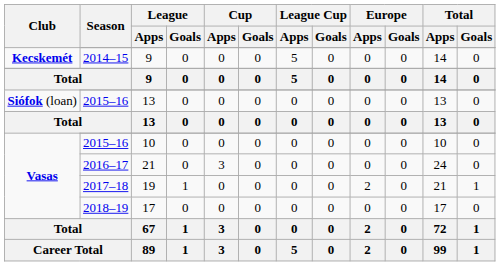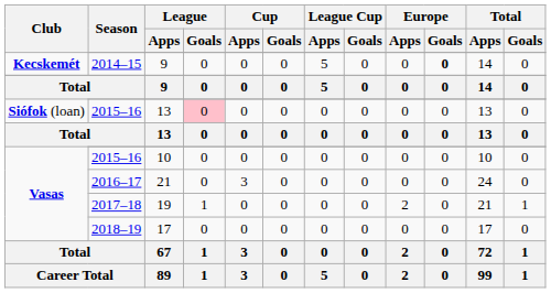 <table class="wikitable" style="font-size:90%; text-align: center;">
 <tr>
 <th rowspan="2">Club</th>
 <th rowspan="2">Season</th>
 <th colspan="2">League</th>
 <th colspan="2">Cup</th>
 <th colspan="2">League Cup</th>
 <th colspan="2">Europe</th>
 <th colspan="2">Total</th>
 </tr>
 <tr>
 <th>Apps</th>
 <th>Goals</th>
 <th>Apps</th>
 <th>Goals</th>
 <th>Apps</th>
 <th>Goals</th>
 <th>Apps</th>
 <th>Goals</th>
 <th>Apps</th>
 <th>Goals</th>
 </tr>
 <tr ||-||-||-|->
 <td rowspan="2" valign="center"><strong><a href='#'>Kecskemét</a></strong></td>
 </tr>
 <tr>
 <td><a href='#'>2014–15</a></td>
 <td>9</td>
 <td>0</td>
 <td>0</td>
 <td>0</td>
 <td>5</td>
 <td>0</td>
 <td>0</td>
-<td>0</td>
+<td><strong>0</strong></td>
 <td>14</td>
 <td>0</td>
 </tr>
 <tr>
 </tr>
 <tr style="font-weight:bold; background-color:#eeeeee;">
 <th colspan=2>Total</th>
 <th>9</th>
 <th>0</th>
 <th>0</th>
 <th>0</th>
 <th>5</th>
 <th>0</th>
 <th>0</th>
 <th>0</th>
 <th>14</th>
 <th>0</th>
 </tr>
 <tr>
 <td rowspan="2" valign="center"><strong><a href='#'>Siófok</a></strong> (loan)</td>
 </tr>
 <tr>
 <td><a href='#'>2015–16</a></td>
 <td>13</td>
-<td>0</td>
+<td style="background: pink;">0</td>
 <td>0</td>
 <td>0</td>
 <td>0</td>
 <td>0</td>
 <td>0</td>
 <td>0</td>
 <td>13</td>
 <td>0</td>
 </tr>
 <tr style="font-weight:bold; background-color:#eeeeee;">
 <th colspan=2>Total</th>
 <th>13</th>
 <th>0</th>
 <th>0</th>
 <th>0</th>
 <th>0</th>
 <th>0</th>
 <th>0</th>
 <th>0</th>
 <th>13</th>
 <th>0</th>
 </tr>
 <tr>
 <td rowspan="5" valign="center"><strong><a href='#'>Vasas</a></strong></td>
 </tr>
 <tr>
 <td><a href='#'>2015–16</a></td>
 <td>10</td>
 <td>0</td>
 <td>0</td>
 <td>0</td>
 <td>0</td>
 <td>0</td>
 <td>0</td>
 <td>0</td>
 <td>10</td>
 <td>0</td>
 </tr>
 <tr>
 <td><a href='#'>2016–17</a></td>
 <td>21</td>
 <td>0</td>
 <td>3</td>
 <td>0</td>
 <td>0</td>
 <td>0</td>
 <td>0</td>
 <td>0</td>
 <td>24</td>
 <td>0</td>
 </tr>
 <tr>
 <td><a href='#'>2017–18</a></td>
 <td>19</td>
 <td>1</td>
 <td>0</td>
 <td>0</td>
 <td>0</td>
 <td>0</td>
 <td>2</td>
 <td>0</td>
 <td>21</td>
 <td>1</td>
 </tr>
 <tr>
 <td><a href='#'>2018–19</a></td>
 <td>17</td>
 <td>0</td>
 <td>0</td>
 <td>0</td>
 <td>0</td>
 <td>0</td>
 <td>0</td>
 <td>0</td>
 <td>17</td>
 <td>0</td>
 </tr>
 <tr style="font-weight:bold; background-color:#eeeeee;">
 <th colspan=2>Total</th>
 <th>67</th>
 <th>1</th>
 <th>3</th>
 <th>0</th>
 <th>0</th>
 <th>0</th>
 <th>2</th>
 <th>0</th>
 <th>72</th>
 <th>1</th>
 </tr>
 <tr>
 <th colspan=2 rowspan="2" valign="top"><strong>Career Total</strong></th>
 <th><strong>89</strong></th>
 <th><strong>1</strong></th>
 <th><strong>3</strong></th>
 <th><strong>0</strong></th>
 <th><strong>5</strong></th>
 <th><strong>0</strong></th>
 <th><strong>2</strong></th>
 <th><strong>0</strong></th>
 <th><strong>99</strong></th>
 <th><strong>1</strong></th>
 </tr>
 </table>
